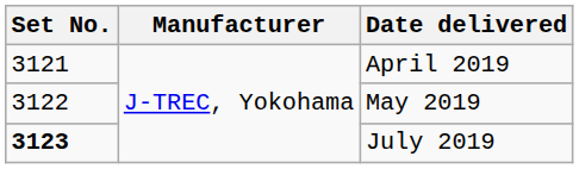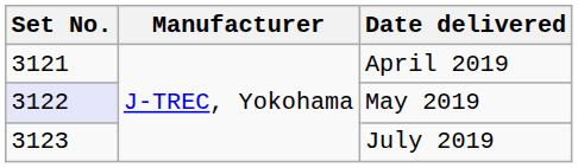 <table class="wikitable">
 <tr>
 <th>Set No.</th>
 <th>Manufacturer</th>
 <th>Date delivered</th>
 </tr>
 <tr>
 <td>3121</td>
 <td rowspan="3"><a href='#'>J-TREC</a>, Yokohama</td>
 <td>April 2019</td>
 </tr>
 <tr>
-<td>3122</td>
+<td style="background: lavender;">3122</td>
 <td>May 2019</td>
 </tr>
 <tr>
-<td><strong>3123</strong></td>
+<td>3123</td>
 <td>July 2019</td>
 </tr>
 </table>
